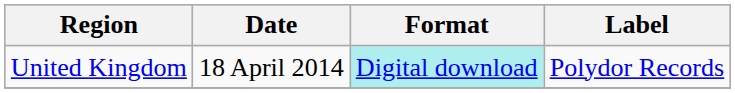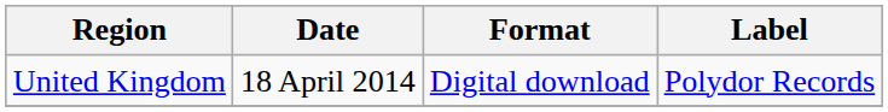 <table class=wikitable>
 <tr>
 <th>Region</th>
 <th>Date</th>
 <th>Format</th>
 <th>Label</th>
 </tr>
 <tr>
 <td><a href='#'>United Kingdom</a></td>
 <td>18 April 2014</td>
-<td style="background: paleturquoise;"><a href='#'>Digital download</a></td>
+<td><a href='#'>Digital download</a></td>
 <td><a href='#'>Polydor Records</a></td>
 </tr>
 <tr>
 </tr>
 </table>
